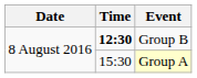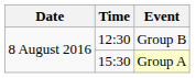 <table class = "wikitable" style="text-align:center;">
 <tr>
 <th>Date</th>
 <th>Time</th>
 <th>Event</th>
 </tr>
 <tr>
 <td rowspan=2>8 August 2016</td>
-<td><strong>12:30</strong></td>
+<td>12:30</td>
 <td>Group B</td>
 </tr>
 <tr>
 <td>15:30</td>
 <td bgcolor=ffffcc>Group A</td>
 </tr>
 </table>
